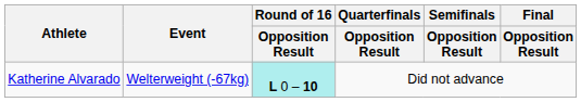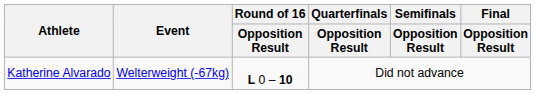 <table class="wikitable" style="font-size:90%">
 <tr>
 <th rowspan=2>Athlete</th>
 <th rowspan=2>Event</th>
 <th>Round of 16</th>
 <th>Quarterfinals</th>
 <th>Semifinals</th>
 <th>Final</th>
 </tr>
 <tr>
 <th>Opposition<br>Result</th>
 <th>Opposition<br>Result</th>
 <th>Opposition<br>Result</th>
 <th>Opposition<br>Result</th>
 </tr>
 <tr>
 <td><a href='#'>Katherine Alvarado</a></td>
 <td><a href='#'>Welterweight (-67kg)</a></td>
-<td align=center style="background: paleturquoise;"><br><strong>L</strong> 0 – <strong>10</strong></td>
+<td align=center><br><strong>L</strong> 0 – <strong>10</strong></td>
 <td align="center" colspan="7">Did not advance</td>
 </tr>
 </table>
